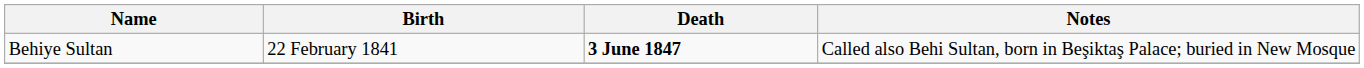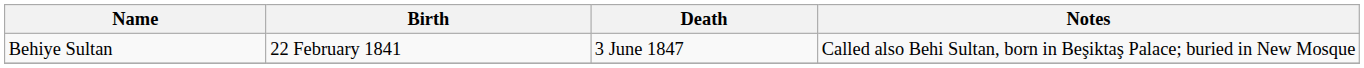 <table class="wikitable">
 <tr>
 <th>Name</th>
 <th>Birth</th>
 <th>Death</th>
 <th style="width:40%;">Notes</th>
 </tr>
 <tr>
 <td>Behiye Sultan</td>
 <td>22 February 1841</td>
-<td><strong>3 June 1847</strong></td>
+<td>3 June 1847</td>
 <td>Called also Behi Sultan, born in Beşiktaş Palace; buried in New Mosque</td>
 </tr>
 <tr>
 </tr>
 </table>
